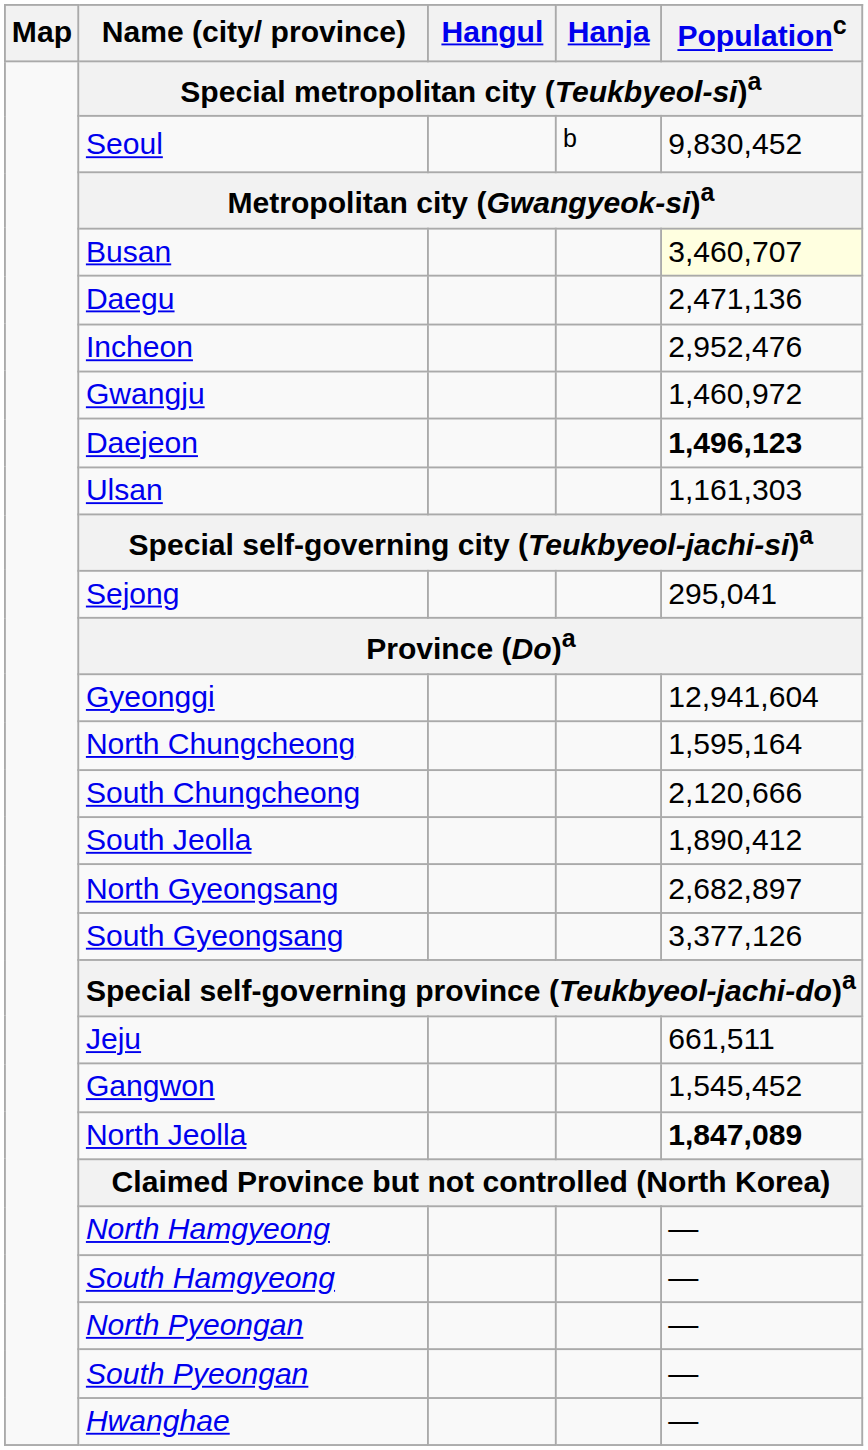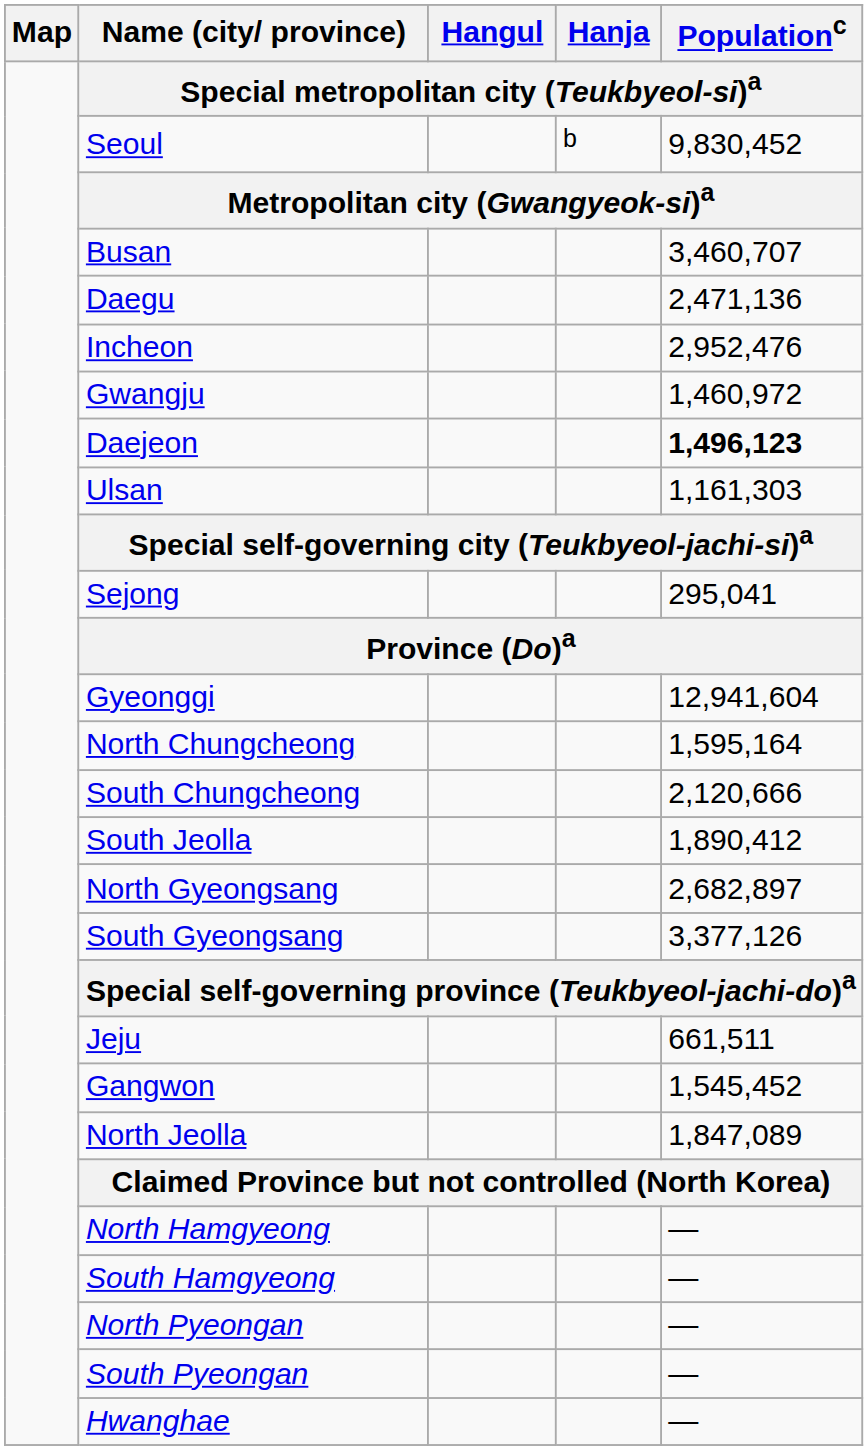 <table class="wikitable">
 <tr>
 <th>Map</th>
 <th>Name (city/ province)</th>
 <th><a href='#'>Hangul</a></th>
 <th><a href='#'>Hanja</a></th>
 <th><a href='#'>Population</a><sup>c</sup></th>
 </tr>
 <tr>
 <td rowspan="28"></td>
 <th colspan="6">Special metropolitan city (<em>Teukbyeol-si</em>)<sup>a</sup></th>
 </tr>
 <tr>
 <td><a href='#'>Seoul</a></td>
 <td></td>
 <td><sup>b</sup></td>
 <td>9,830,452</td>
 </tr>
 <tr>
 <th colspan="6">Metropolitan city (<em>Gwangyeok-si</em>)<sup>a</sup></th>
 </tr>
 <tr>
 <td><a href='#'>Busan</a></td>
 <td></td>
 <td></td>
-<td style="background: lightyellow;">3,460,707</td>
+<td>3,460,707</td>
 </tr>
 <tr>
 <td><a href='#'>Daegu</a></td>
 <td></td>
 <td></td>
 <td>2,471,136</td>
 </tr>
 <tr>
 <td><a href='#'>Incheon</a></td>
 <td></td>
 <td></td>
 <td>2,952,476</td>
 </tr>
 <tr>
 <td><a href='#'>Gwangju</a></td>
 <td></td>
 <td></td>
 <td>1,460,972</td>
 </tr>
 <tr>
 <td><a href='#'>Daejeon</a></td>
 <td></td>
 <td></td>
 <td><strong>1,496,123</strong></td>
 </tr>
 <tr>
 <td><a href='#'>Ulsan</a></td>
 <td></td>
 <td></td>
 <td>1,161,303</td>
 </tr>
 <tr>
 <th colspan="6">Special self-governing city (<em>Teukbyeol-jachi-si</em>)<sup>a</sup></th>
 </tr>
 <tr>
 <td><a href='#'>Sejong</a></td>
 <td></td>
 <td></td>
 <td>295,041</td>
 </tr>
 <tr>
 <th colspan="6">Province (<em>Do</em>)<sup>a</sup></th>
 </tr>
 <tr>
 <td><a href='#'>Gyeonggi</a></td>
 <td></td>
 <td></td>
 <td>12,941,604</td>
 </tr>
 <tr>
 <td><a href='#'>North Chungcheong</a></td>
 <td></td>
 <td></td>
 <td>1,595,164</td>
 </tr>
 <tr>
 <td><a href='#'>South Chungcheong</a></td>
 <td></td>
 <td></td>
 <td>2,120,666</td>
 </tr>
 <tr>
 <td><a href='#'>South Jeolla</a></td>
 <td></td>
 <td></td>
 <td>1,890,412</td>
 </tr>
 <tr>
 <td><a href='#'>North Gyeongsang</a></td>
 <td></td>
 <td></td>
 <td>2,682,897</td>
 </tr>
 <tr>
 <td><a href='#'>South Gyeongsang</a></td>
 <td></td>
 <td></td>
 <td>3,377,126</td>
 </tr>
 <tr>
 <th colspan="6">Special self-governing province (<em>Teukbyeol-jachi-do</em>)<sup>a</sup></th>
 </tr>
 <tr>
 <td><a href='#'>Jeju</a></td>
 <td></td>
 <td></td>
 <td>661,511</td>
 </tr>
 <tr>
 <td><a href='#'>Gangwon</a></td>
 <td></td>
 <td></td>
 <td>1,545,452</td>
 </tr>
 <tr>
 <td><a href='#'>North Jeolla</a></td>
 <td></td>
 <td></td>
-<td><strong>1,847,089</strong></td>
+<td>1,847,089</td>
 </tr>
 <tr>
 <th colspan="6">Claimed Province but not controlled (North Korea)</th>
 </tr>
 <tr>
 <td><em><a href='#'>North Hamgyeong</a></em></td>
 <td></td>
 <td></td>
 <td>—</td>
 </tr>
 <tr>
 <td><em><a href='#'>South Hamgyeong</a></em></td>
 <td></td>
 <td></td>
 <td>—</td>
 </tr>
 <tr>
 <td><em><a href='#'>North Pyeongan</a></em></td>
 <td></td>
 <td></td>
 <td>—</td>
 </tr>
 <tr>
 <td><em><a href='#'>South Pyeongan</a></em></td>
 <td></td>
 <td></td>
 <td>—</td>
 </tr>
 <tr>
 <td><em><a href='#'>Hwanghae</a></em></td>
 <td></td>
 <td></td>
 <td>—</td>
 </tr>
 </table>
